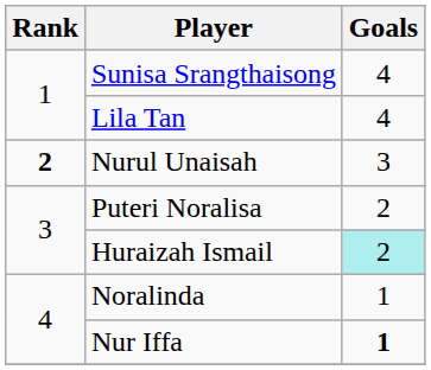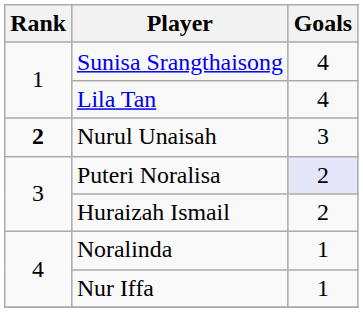 <table class="wikitable plainrowheaders sortable" style="font-size:100%">
 <tr>
 <th>Rank</th>
 <th>Player</th>
 <th>Goals</th>
 </tr>
 <tr>
 <td align="center" rowspan="2">1</td>
 <td> <a href='#'>Sunisa Srangthaisong</a></td>
 <td align="center">4</td>
 </tr>
 <tr>
 <td> <a href='#'>Lila Tan</a></td>
 <td align="center">4</td>
 </tr>
 <tr>
 <td align="center" rowspan="1"><strong>2</strong></td>
 <td> Nurul Unaisah</td>
 <td align="center">3</td>
 </tr>
 <tr>
 <td align="center" rowspan="2">3</td>
 <td> Puteri Noralisa</td>
-<td align="center">2</td>
+<td align="center" style="background: lavender;">2</td>
 </tr>
 <tr>
 <td> Huraizah Ismail</td>
-<td align="center" style="background: paleturquoise;">2</td>
+<td align="center">2</td>
 </tr>
 <tr>
 <td align="center" rowspan="2">4</td>
 <td> Noralinda</td>
 <td align="center">1</td>
 </tr>
 <tr>
 <td> Nur Iffa</td>
-<td align="center"><strong>1</strong></td>
+<td align="center">1</td>
 </tr>
 <tr>
 </tr>
 </table>
